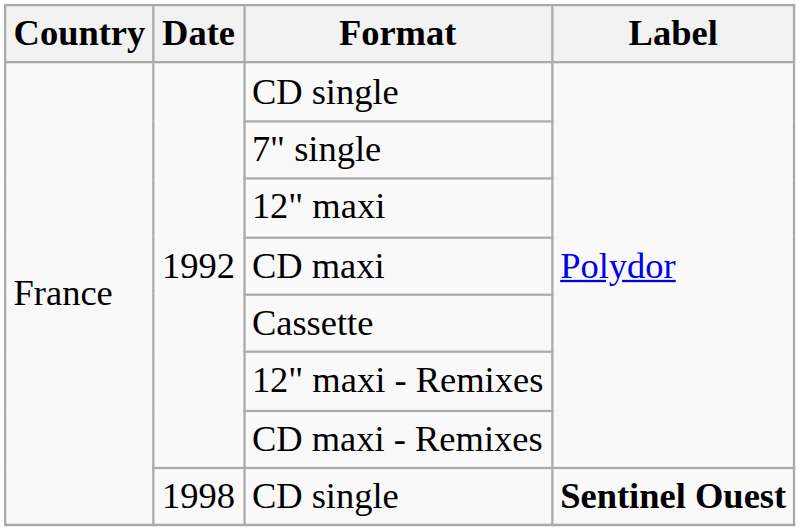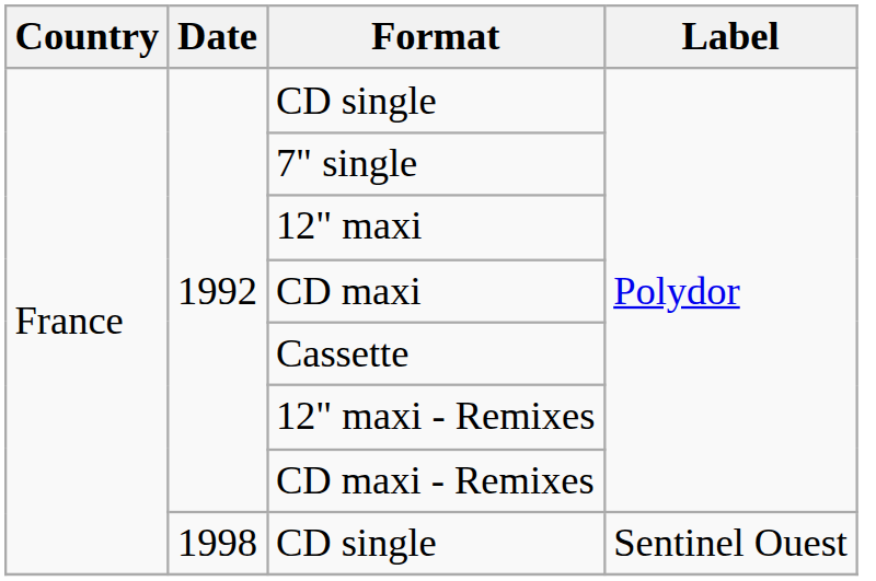 <table class=wikitable>
 <tr>
 <th>Country</th>
 <th>Date</th>
 <th>Format</th>
 <th>Label</th>
 </tr>
 <tr>
 <td rowspan="8">France</td>
 <td rowspan="7">1992</td>
 <td>CD single</td>
 <td rowspan="7"><a href='#'>Polydor</a></td>
 </tr>
 <tr>
 <td>7" single</td>
 </tr>
 <tr>
 <td>12" maxi</td>
 </tr>
 <tr>
 <td>CD maxi</td>
 </tr>
 <tr>
 <td>Cassette</td>
 </tr>
 <tr>
 <td>12" maxi - Remixes</td>
 </tr>
 <tr>
 <td>CD maxi - Remixes</td>
 </tr>
 <tr>
 <td>1998</td>
 <td>CD single</td>
-<td><strong>Sentinel Ouest</strong></td>
+<td>Sentinel Ouest</td>
 </tr>
 <tr>
 </tr>
 </table>
